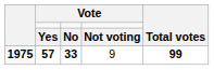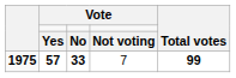 <table class=wikitable style="text-align:center">
 <tr style="vertical-align:bottom;">
 <th rowspan=3></th>
 <th colspan=3>Vote</th>
 <th rowspan=3>Total votes</th>
 </tr>
 <tr style="height:5px">
 <td style="background-color:"></td>
 <td style="background-color:"></td>
 <td style="background-color:"></td>
 </tr>
 <tr style="vertical-align:bottom;">
 <th>Yes</th>
 <th>No</th>
 <th>Not voting</th>
 </tr>
 <tr>
 <td><strong>1975</strong></td>
 <td style="background:#fff;"><strong>57</strong></td>
 <td style="background:#fff;"><strong>33</strong></td>
-<td style="background:#fff;">9</td>
+<td style="background:#fff;">7</td>
 <td style="background:#fff;"><strong>99</strong></td>
 </tr>
 </table>
